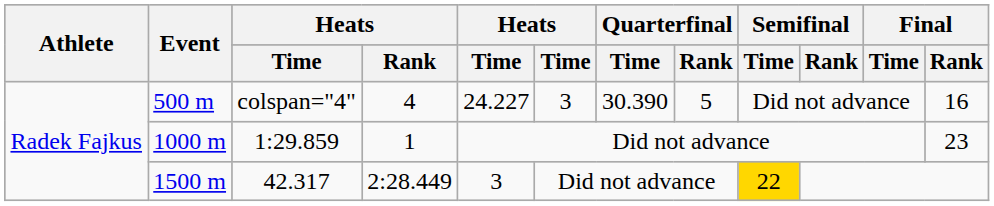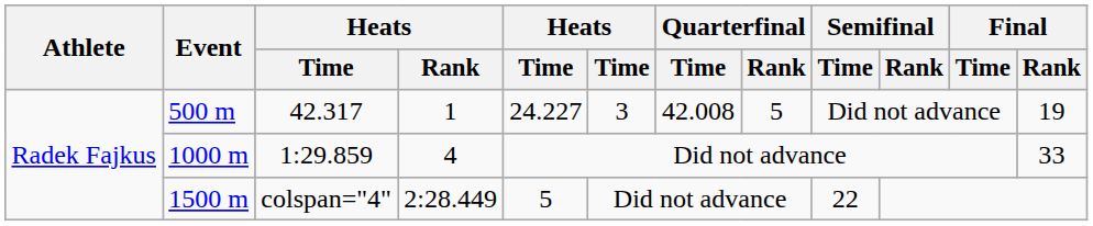 <table class="wikitable" style="font-size:90%">
 <tr>
 <th rowspan=2>Athlete</th>
 <th rowspan=2>Event</th>
 <th colspan=2>Heats</th>
 <th colspan="2">Heats</th>
 <th colspan="2">Quarterfinal</th>
 <th colspan=2>Semifinal</th>
 <th colspan=2>Final</th>
 </tr>
 <tr style="font-size:95%">
 <th>Time</th>
 <th>Rank</th>
 <th>Time</th>
 <th>Time</th>
 <th>Time</th>
 <th>Rank</th>
 <th>Time</th>
 <th>Rank</th>
 <th>Time</th>
 <th>Rank</th>
 </tr>
 <tr align=center>
 <td align=left rowspan=3><a href='#'>Radek Fajkus</a></td>
 <td align=left><a href='#'>500 m</a></td>
-<td>colspan="4" </td>
-<td>4</td>
+<td>42.317</td>
+<td>1</td>
 <td>24.227</td>
 <td>3</td>
-<td>30.390</td>
+<td>42.008</td>
 <td>5</td>
 <td colspan="3">Did not advance</td>
-<td>16</td>
+<td>19</td>
 </tr>
 <tr align=center>
 <td align=left><a href='#'>1000 m</a></td>
 <td>1:29.859</td>
-<td>1</td>
+<td>4</td>
 <td colspan="7">Did not advance</td>
-<td>23</td>
+<td>33</td>
 </tr>
 <tr align=center>
 <td align=left><a href='#'>1500 m</a></td>
-<td>42.317</td>
+<td>colspan="4" </td>
 <td>2:28.449</td>
-<td>3</td>
+<td>5</td>
 <td colspan="3">Did not advance</td>
-<td style="background: gold;">22</td>
+<td>22</td>
 </tr>
 </table>
